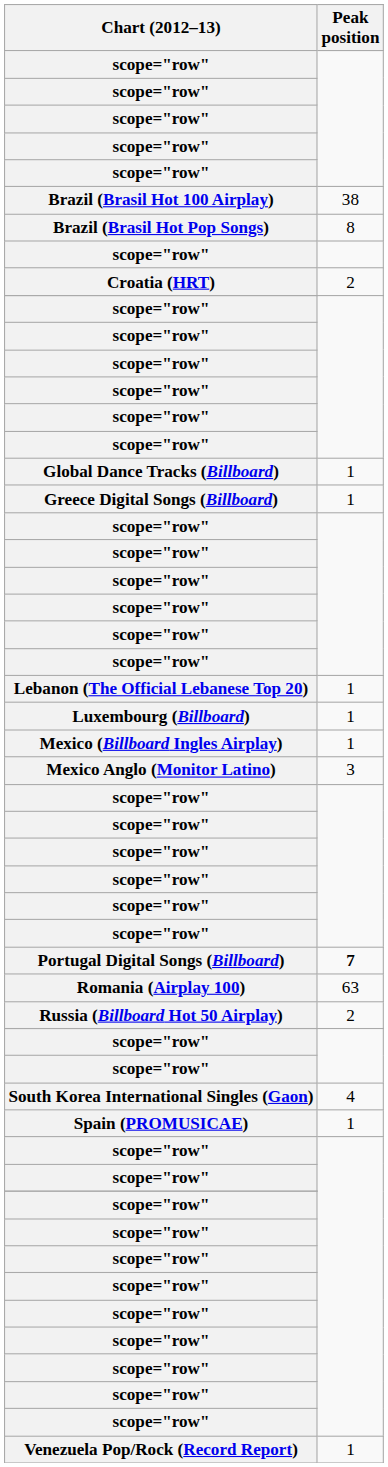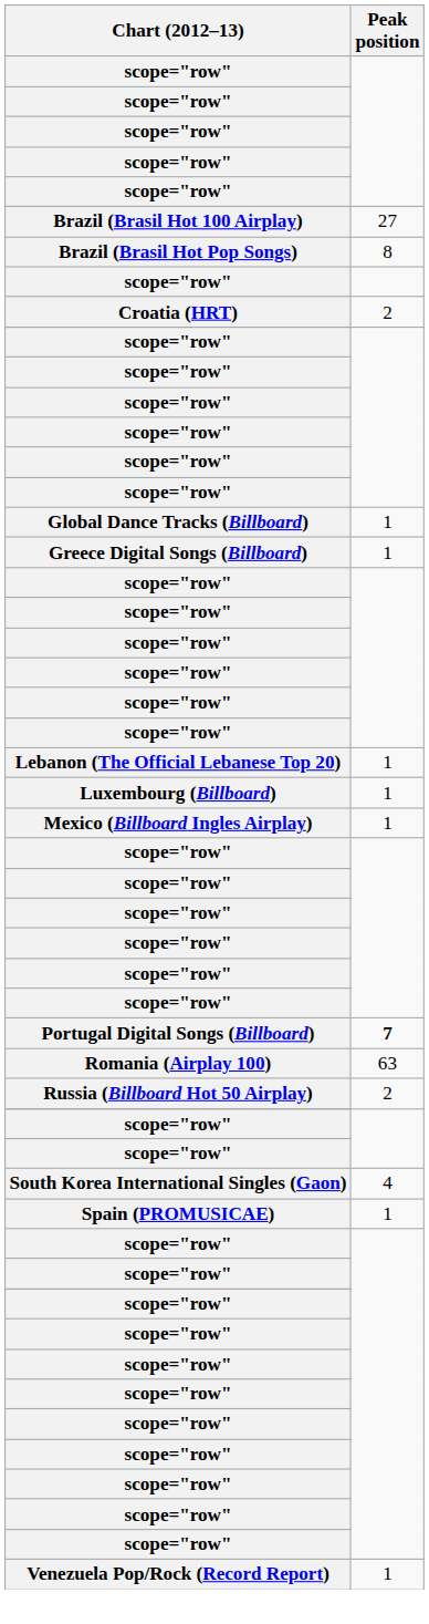 <table class="wikitable sortable plainrowheaders" style="text-align:center">
 <tr>
 <th scope="col">Chart (2012–13)</th>
 <th scope="col">Peak<br>position</th>
 </tr>
 <tr>
 <th>scope="row" </th>
 </tr>
 <tr>
 <th>scope="row" </th>
 </tr>
 <tr>
 <th>scope="row" </th>
 </tr>
 <tr>
 <th>scope="row" </th>
 </tr>
 <tr>
 <th>scope="row" </th>
 </tr>
 <tr>
 <th scope="row">Brazil (<a href='#'>Brasil Hot 100 Airplay</a>)</th>
-<td style="text-align:center;">38</td>
+<td style="text-align:center;">27</td>
 </tr>
 <tr>
 <th scope="row">Brazil (<a href='#'>Brasil Hot Pop Songs</a>)</th>
 <td style="text-align:center;">8</td>
 </tr>
 <tr>
 <th>scope="row" </th>
 </tr>
 <tr>
 <th scope="row">Croatia (<a href='#'>HRT</a>)</th>
 <td>2</td>
 </tr>
 <tr>
 </tr>
 <tr>
 <th>scope="row" </th>
 </tr>
 <tr>
 <th>scope="row" </th>
 </tr>
 <tr>
 <th>scope="row" </th>
 </tr>
 <tr>
 <th>scope="row" </th>
 </tr>
 <tr>
 <th>scope="row" </th>
 </tr>
 <tr>
 <th>scope="row" </th>
 </tr>
 <tr>
 <th scope="row">Global Dance Tracks (<em><a href='#'>Billboard</a></em>)</th>
 <td align="center">1</td>
 </tr>
 <tr>
 <th scope="row">Greece Digital Songs (<em><a href='#'>Billboard</a></em>)</th>
 <td style="text-align:center;">1</td>
 </tr>
 <tr>
 <th>scope="row" </th>
 </tr>
 <tr>
 <th>scope="row" </th>
 </tr>
 <tr>
 <th>scope="row" </th>
 </tr>
 <tr>
 <th>scope="row" </th>
 </tr>
 <tr>
 <th>scope="row" </th>
 </tr>
 <tr>
 <th>scope="row" </th>
 </tr>
 <tr>
 <th scope="row">Lebanon (<a href='#'>The Official Lebanese Top 20</a>)</th>
 <td style="text-align:center;">1</td>
 </tr>
 <tr>
 <th scope="row">Luxembourg (<em><a href='#'>Billboard</a></em>)</th>
 <td style="text-align:center">1</td>
 </tr>
 <tr>
 <th scope="row">Mexico (<a href='#'><em>Billboard</em> Ingles Airplay</a>)</th>
 <td align="center">1</td>
-</tr>
-<tr>
-<th scope="row">Mexico Anglo (<a href='#'>Monitor Latino</a>)</th>
-<td align="center">3</td>
 </tr>
 <tr>
 <th>scope="row" </th>
 </tr>
 <tr>
 <th>scope="row" </th>
 </tr>
 <tr>
 <th>scope="row" </th>
 </tr>
 <tr>
 <th>scope="row" </th>
 </tr>
 <tr>
 <th>scope="row" </th>
 </tr>
 <tr>
 <th>scope="row" </th>
 </tr>
 <tr>
 <th scope="row">Portugal Digital Songs (<em><a href='#'>Billboard</a></em>)</th>
 <td style="text-align:center;"><strong>7</strong></td>
 </tr>
 <tr>
 <th scope="row">Romania (<a href='#'>Airplay 100</a>)</th>
 <td style="text-align:center;">63</td>
 </tr>
 <tr>
 <th scope="row">Russia (<a href='#'><em>Billboard</em> Hot 50 Airplay</a>)</th>
 <td style="text-align:center;">2</td>
 </tr>
 <tr>
 </tr>
 <tr>
 <th>scope="row" </th>
 </tr>
 <tr>
 <th>scope="row" </th>
 </tr>
 <tr>
 <th scope="row">South Korea International Singles (<a href='#'>Gaon</a>)</th>
 <td style="text-align:center;">4</td>
 </tr>
 <tr>
 <th scope="row">Spain (<a href='#'>PROMUSICAE</a>)</th>
 <td style="text-align:center;">1</td>
 </tr>
 <tr>
 <th>scope="row" </th>
 </tr>
 <tr>
 <th>scope="row" </th>
 </tr>
 <tr>
 </tr>
 <tr>
 <th>scope="row" </th>
 </tr>
 <tr>
 <th>scope="row" </th>
 </tr>
 <tr>
 <th>scope="row" </th>
 </tr>
 <tr>
 <th>scope="row" </th>
 </tr>
 <tr>
 <th>scope="row" </th>
 </tr>
 <tr>
 <th>scope="row" </th>
 </tr>
 <tr>
 <th>scope="row" </th>
 </tr>
 <tr>
 <th>scope="row" </th>
 </tr>
 <tr>
 <th>scope="row" </th>
 </tr>
 <tr>
 <th scope="row">Venezuela Pop/Rock (<a href='#'>Record Report</a>)</th>
 <td align="center">1</td>
 </tr>
 </table>
